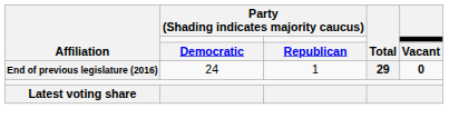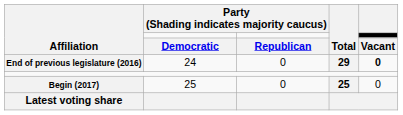 <table class=wikitable style="text-align:center">
 <tr style="vertical-align:bottom;">
 <th rowspan=3>Affiliation</th>
 <th colspan=2>Party <div>(Shading indicates majority caucus)</div></th>
 <th rowspan=3>Total</th>
 <th></th>
 </tr>
 <tr style="height:5px">
 <td style="background-color:"></td>
 <td style="background-color:"></td>
 <td style="background-color:black"></td>
 </tr>
 <tr>
 <th><a href='#'>Democratic</a></th>
 <th><a href='#'>Republican</a></th>
 <th>Vacant</th>
 </tr>
 <tr>
 <th nowrap style="font-size:80%">End of previous legislature (2016)</th>
 <td>24</td>
-<td>1</td>
+<td>0</td>
 <th>29</th>
 <td><strong>0</strong></td>
 </tr>
 <tr>
 <td colspan=5></td>
+</tr>
+<tr>
+<th nowrap style="font-size:80%">Begin (2017)</th>
+<td>25</td>
+<td>0</td>
+<th>25</th>
+<td>0</td>
 </tr>
 <tr>
 <th>Latest voting share</th>
 <th></th>
 <th></th>
 <th colspan=2></th>
 </tr>
 </table>
